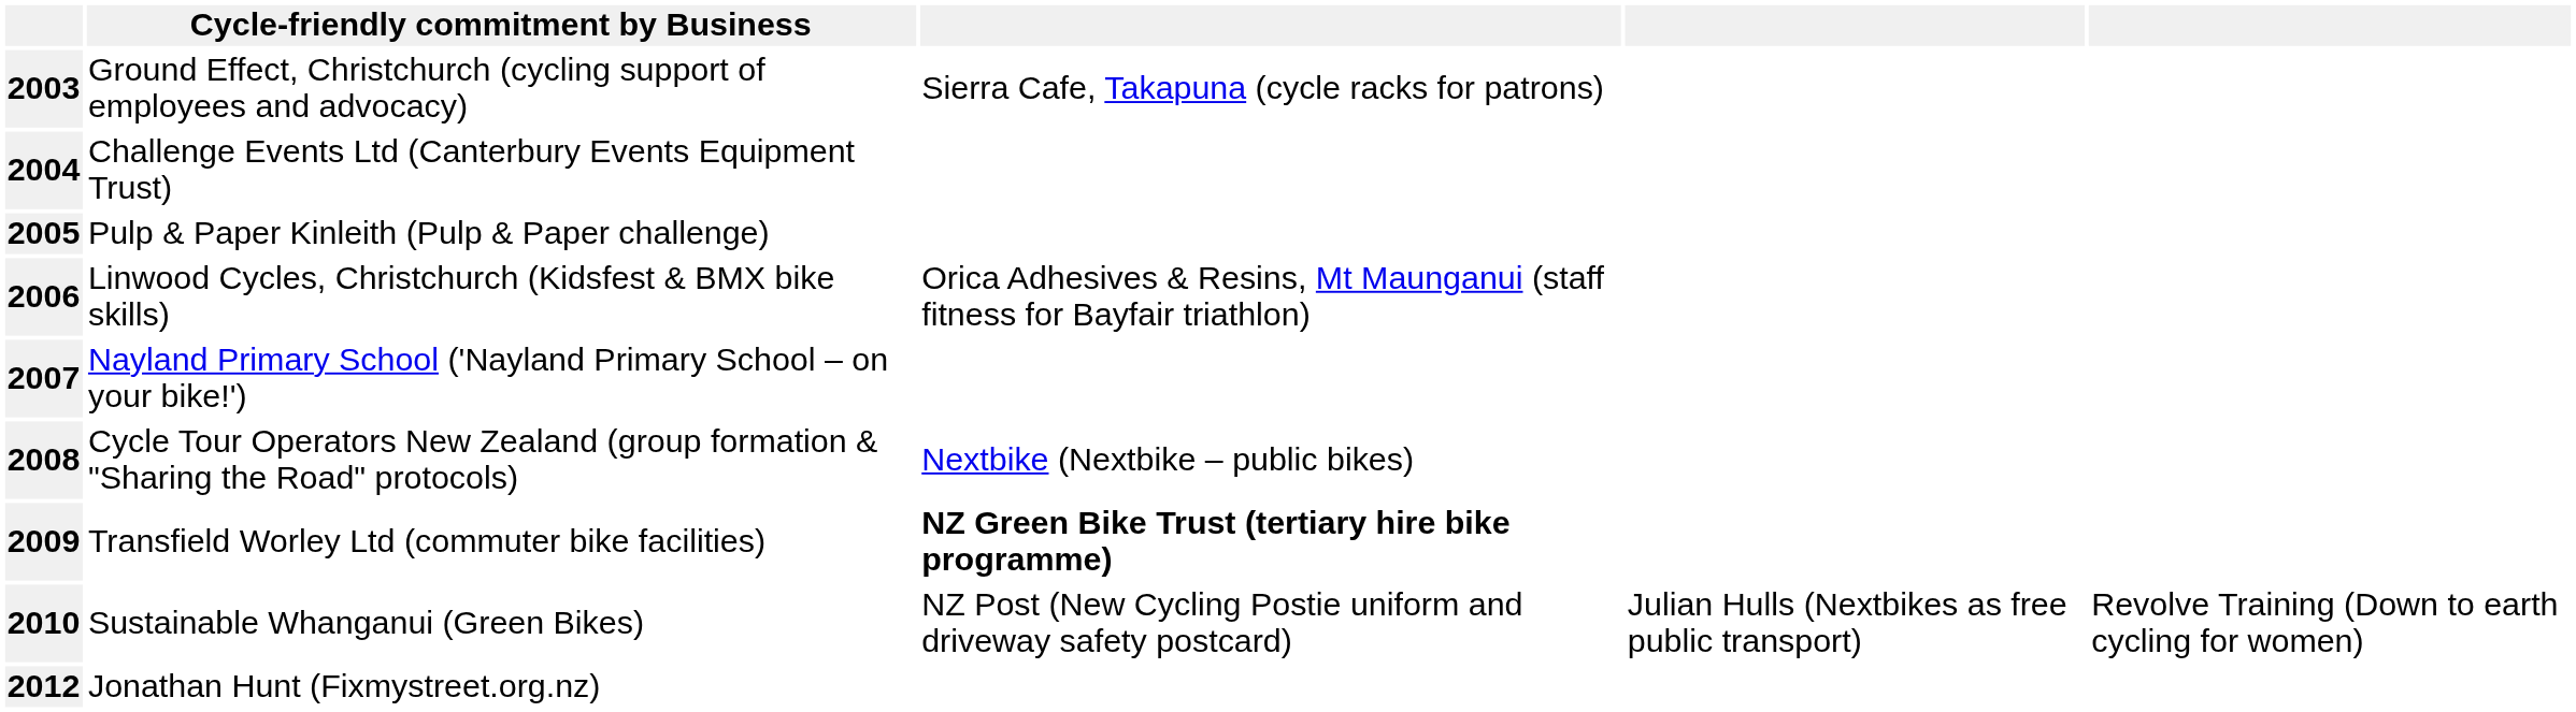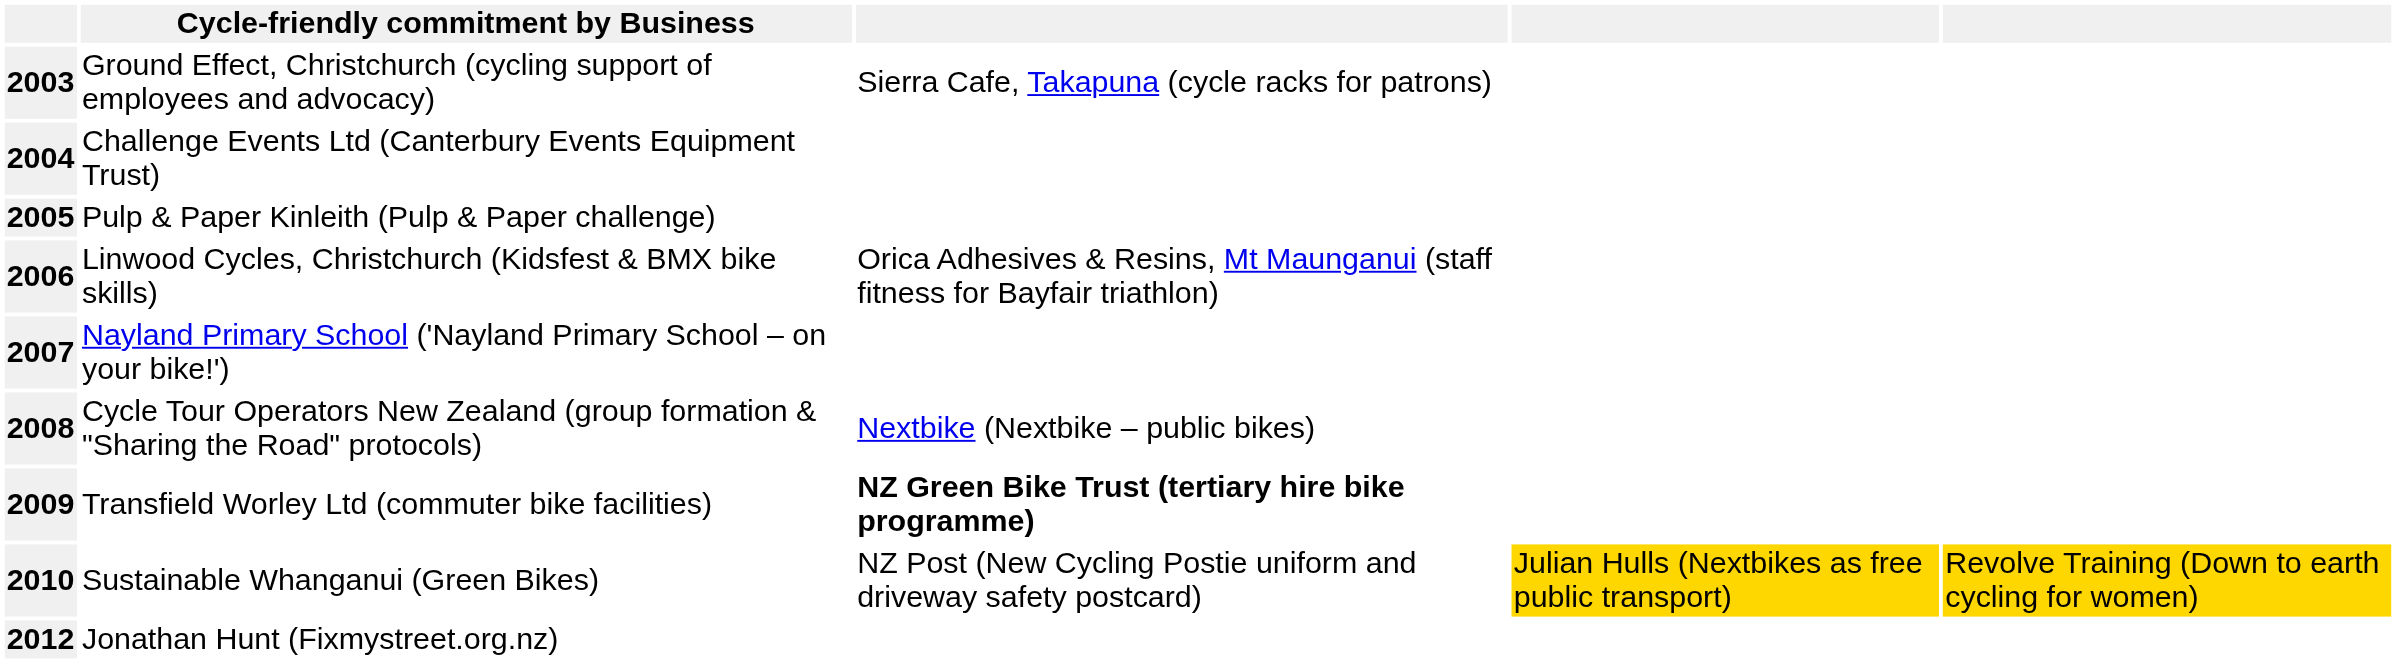 <table>
 <tr>
 <td align="center" style="background:#f0f0f0;"></td>
 <td align="center" style="background:#f0f0f0;"><strong>Cycle-friendly commitment by Business</strong></td>
 <td align="center" style="background:#f0f0f0;"></td>
 <td align="center" style="background:#f0f0f0;"></td>
 <td align="center" style="background:#f0f0f0;"></td>
 </tr>
 <tr>
 <td style="background:#f0f0f0;"><strong>2003</strong></td>
 <td>Ground Effect, Christchurch (cycling support of employees and advocacy)</td>
 <td>Sierra Cafe, <a href='#'>Takapuna</a> (cycle racks for patrons)</td>
 <td></td>
 <td></td>
 </tr>
 <tr>
 <td style="background:#f0f0f0;"><strong>2004</strong></td>
 <td>Challenge Events Ltd (Canterbury Events Equipment Trust)</td>
 <td></td>
 <td></td>
 <td></td>
 </tr>
 <tr>
 <td style="background:#f0f0f0;"><strong>2005</strong></td>
 <td>Pulp & Paper Kinleith (Pulp & Paper challenge)</td>
 <td></td>
 <td></td>
 </tr>
 <tr>
 <td style="background:#f0f0f0;"><strong>2006</strong></td>
 <td>Linwood Cycles, Christchurch (Kidsfest & BMX bike skills)</td>
 <td>Orica Adhesives & Resins, <a href='#'>Mt Maunganui</a> (staff fitness for Bayfair triathlon)</td>
 <td></td>
 <td></td>
 </tr>
 <tr>
 <td style="background:#f0f0f0;"><strong>2007</strong></td>
 <td><a href='#'>Nayland Primary School</a> ('Nayland Primary School – on your bike!')</td>
 <td></td>
 <td></td>
 </tr>
 <tr>
 <td style="background:#f0f0f0;"><strong>2008</strong></td>
 <td>Cycle Tour Operators New Zealand (group formation & "Sharing the Road" protocols)</td>
 <td><a href='#'>Nextbike</a> (Nextbike – public bikes)</td>
 <td></td>
 <td></td>
 </tr>
 <tr>
 <td style="background:#f0f0f0;"><strong>2009</strong></td>
 <td>Transfield Worley Ltd (commuter bike facilities)</td>
 <td><strong>NZ Green Bike Trust (tertiary hire bike programme)</strong></td>
 <td></td>
 <td></td>
 </tr>
 <tr>
 <td style="background:#f0f0f0;"><strong>2010</strong></td>
 <td>Sustainable Whanganui (Green Bikes)</td>
 <td>NZ Post (New Cycling Postie uniform and driveway safety postcard)</td>
-<td>Julian Hulls (Nextbikes as free public transport)</td>
-<td>Revolve Training (Down to earth cycling for women)</td>
+<td style="background: gold;">Julian Hulls (Nextbikes as free public transport)</td>
+<td style="background: gold;">Revolve Training (Down to earth cycling for women)</td>
 <td></td>
 </tr>
 <tr>
 <td style="background:#f0f0f0;"><strong>2012</strong></td>
 <td>Jonathan Hunt (Fixmystreet.org.nz)</td>
 <td></td>
 <td></td>
 </tr>
 <tr>
 <td></td>
 </tr>
 </table>
